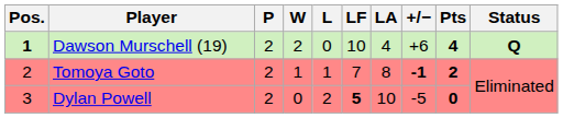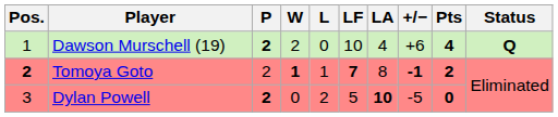 <table class="wikitable" style="text-align:center; margin: 1em auto 1em auto, align:left">
 <tr>
 <th width=20>Pos.</th>
 <th width=185>Player</th>
 <th width=20>P</th>
 <th width=20>W</th>
 <th width=20>L</th>
 <th width=20>LF</th>
 <th width=20>LA</th>
 <th width=25>+/−</th>
 <th width=20>Pts</th>
 <th width=70>Status</th>
 </tr>
 <tr style="background:#D0F0C0;">
-<td><strong>1</strong></td>
+<td>1</td>
 <td align=left> <a href='#'>Dawson Murschell</a> (19)</td>
-<td>2</td>
+<td><strong>2</strong></td>
 <td>2</td>
 <td>0</td>
 <td>10</td>
 <td>4</td>
 <td>+6</td>
 <td><strong>4</strong></td>
 <td rowspan=1><strong>Q</strong></td>
 </tr>
 <tr style="background:#FF8888;">
-<td>2</td>
+<td><strong>2</strong></td>
 <td align=left> <a href='#'>Tomoya Goto</a></td>
 <td>2</td>
+<td><strong>1</strong></td>
 <td>1</td>
-<td>1</td>
-<td>7</td>
+<td><strong>7</strong></td>
 <td>8</td>
 <td><strong>-1</strong></td>
 <td><strong>2</strong></td>
 <td rowspan=2>Eliminated</td>
 </tr>
 <tr style="background:#FF8888;">
 <td>3</td>
 <td align=left> <a href='#'>Dylan Powell</a></td>
-<td>2</td>
+<td><strong>2</strong></td>
 <td>0</td>
 <td>2</td>
-<td><strong>5</strong></td>
-<td>10</td>
+<td>5</td>
+<td><strong>10</strong></td>
 <td>-5</td>
 <td><strong>0</strong></td>
 </tr>
 </table>
